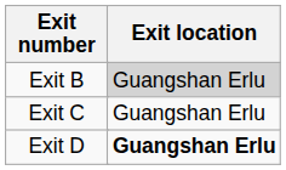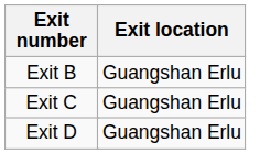 <table class="wikitable">
 <tr>
 <th style="width:70px" colspan="2">Exit number</th>
 <th>Exit location</th>
 </tr>
 <tr>
 <td align="center" colspan="2">Exit B</td>
-<td style="background: lightgrey;">Guangshan Erlu</td>
+<td>Guangshan Erlu</td>
 </tr>
 <tr>
 <td align="center" colspan="2">Exit C</td>
 <td>Guangshan Erlu</td>
 </tr>
 <tr>
 <td align="center" colspan="2">Exit D</td>
-<td><strong>Guangshan Erlu</strong></td>
+<td>Guangshan Erlu</td>
 </tr>
 </table>
